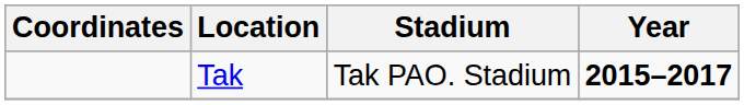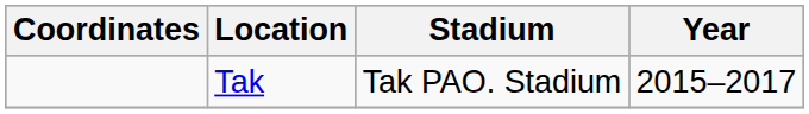 <table class="wikitable sortable">
 <tr>
 <th>Coordinates</th>
 <th>Location</th>
 <th>Stadium</th>
 <th>Year</th>
 </tr>
 <tr>
 <td></td>
 <td><a href='#'>Tak</a></td>
 <td>Tak PAO. Stadium</td>
-<td><strong>2015–2017</strong></td>
+<td>2015–2017</td>
 </tr>
 <tr>
 </tr>
 </table>
